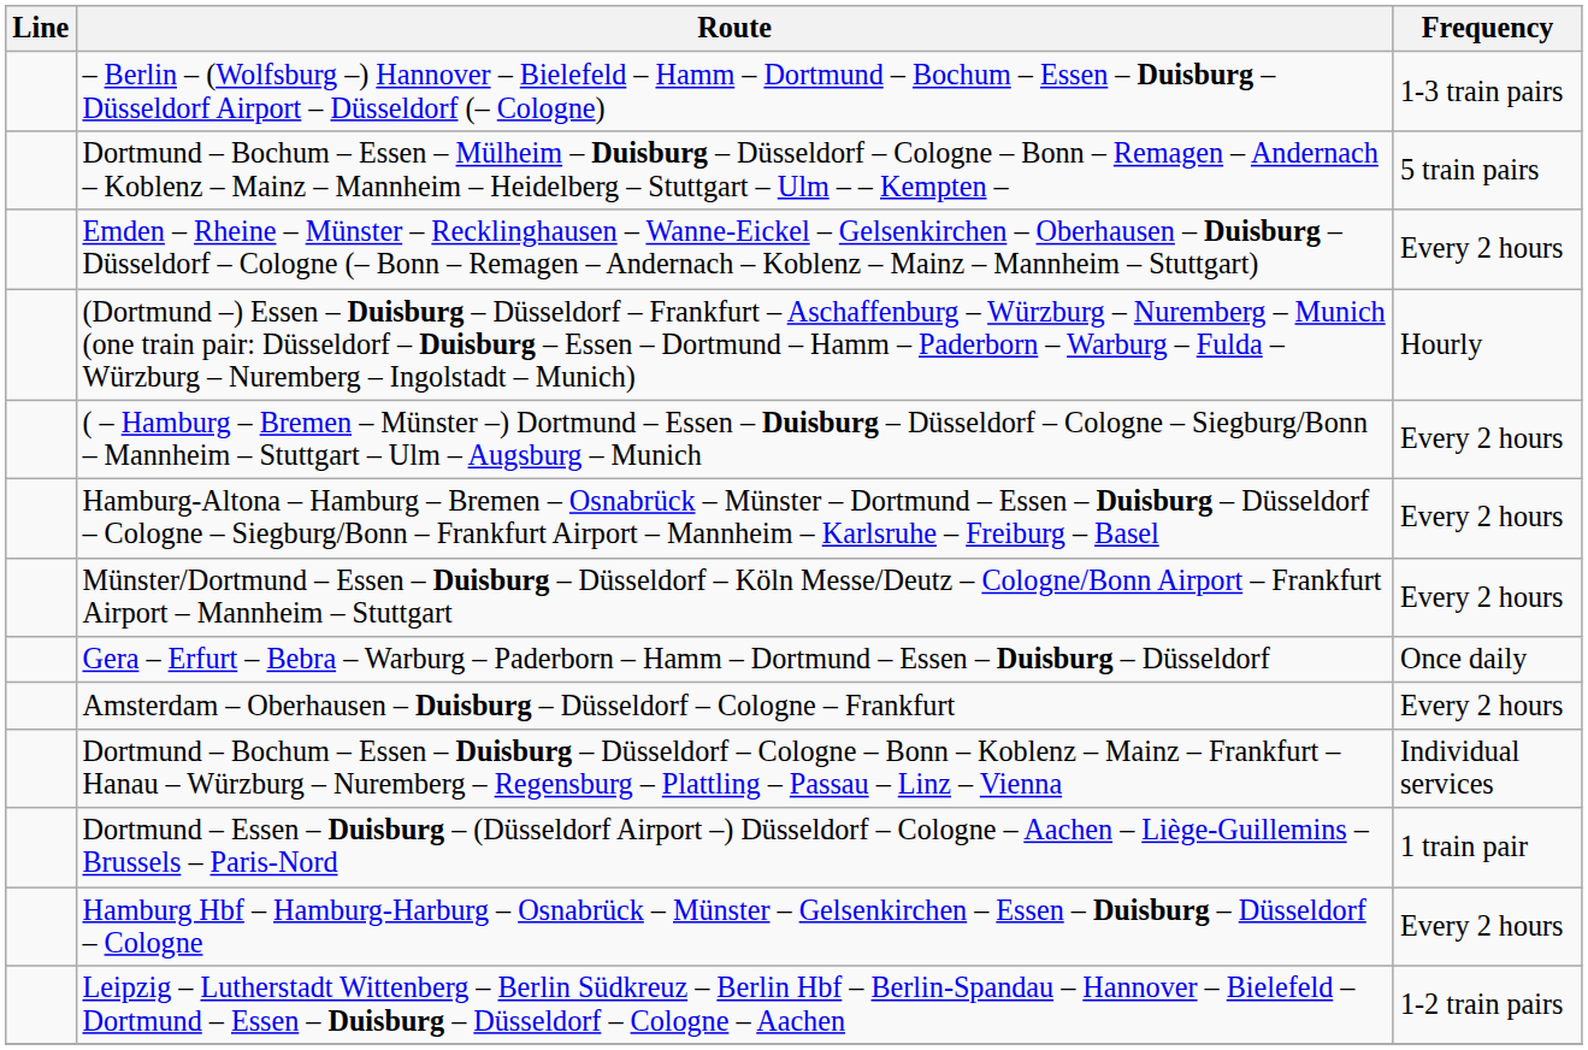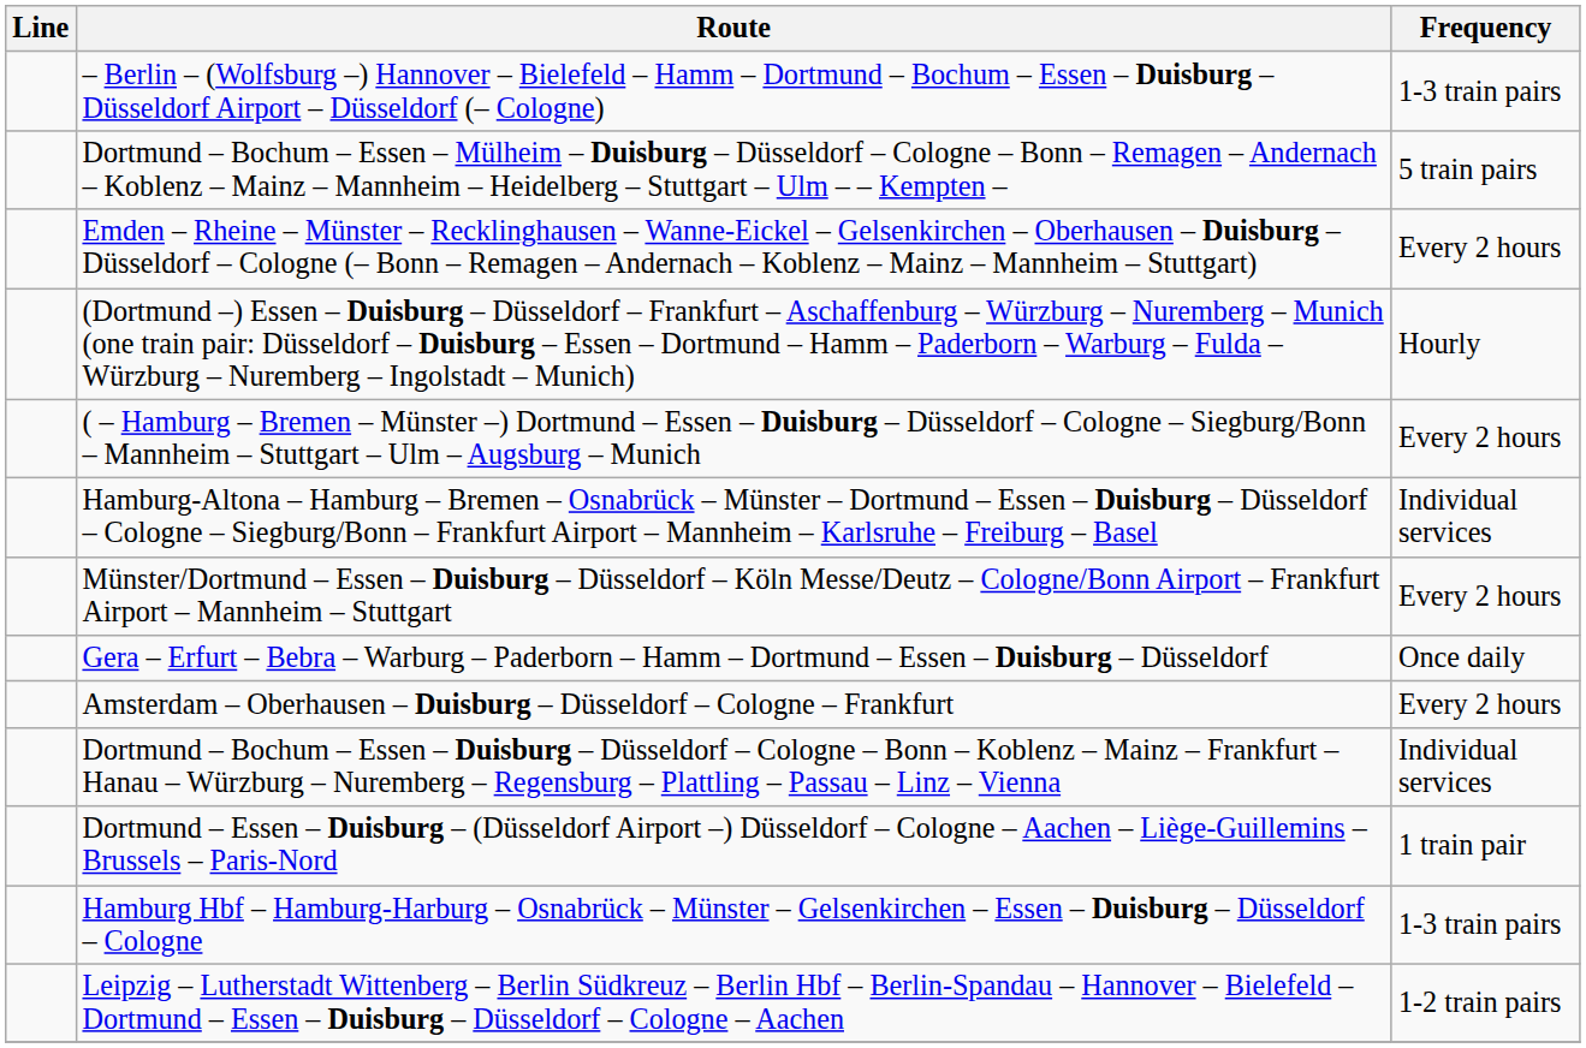 <table class="wikitable zebra">
 <tr class="hintergrundfarbe5">
 <th>Line</th>
 <th>Route</th>
 <th>Frequency</th>
 </tr>
 <tr>
 <td></td>
 <td> – <a href='#'>Berlin</a> – (<a href='#'>Wolfsburg</a> –) <a href='#'>Hannover</a> – <a href='#'>Bielefeld</a> – <a href='#'>Hamm</a> – <a href='#'>Dortmund</a> – <a href='#'>Bochum</a> – <a href='#'>Essen</a> – <strong>Duisburg</strong> – <a href='#'>Düsseldorf Airport</a> – <a href='#'>Düsseldorf</a> (– <a href='#'>Cologne</a>)</td>
 <td>1-3 train pairs</td>
 </tr>
 <tr>
 <td></td>
 <td>Dortmund – Bochum – Essen – <a href='#'>Mülheim</a> – <strong>Duisburg</strong> – Düsseldorf – Cologne – Bonn – <a href='#'>Remagen</a> – <a href='#'>Andernach</a> – Koblenz – Mainz – Mannheim – Heidelberg – Stuttgart –  <a href='#'>Ulm</a> –  – <a href='#'>Kempten</a> – </td>
 <td>5 train pairs</td>
 </tr>
 <tr>
 <td></td>
 <td> <a href='#'>Emden</a> – <a href='#'>Rheine</a> – <a href='#'>Münster</a> – <a href='#'>Recklinghausen</a> – <a href='#'>Wanne-Eickel</a> – <a href='#'>Gelsenkirchen</a> – <a href='#'>Oberhausen</a> – <strong>Duisburg</strong> –  Düsseldorf – Cologne (– Bonn – Remagen – Andernach – Koblenz – Mainz – Mannheim – Stuttgart)</td>
 <td>Every 2 hours</td>
 </tr>
 <tr>
 <td></td>
 <td>(Dortmund –) Essen – <strong>Duisburg</strong> – Düsseldorf –   Frankfurt – <a href='#'>Aschaffenburg</a> – <a href='#'>Würzburg</a> – <a href='#'>Nuremberg</a> – <a href='#'>Munich</a><br> (one train pair: Düsseldorf – <strong>Duisburg</strong> – Essen – Dortmund – Hamm – <a href='#'>Paderborn</a> – <a href='#'>Warburg</a> –  <a href='#'>Fulda</a> – Würzburg – Nuremberg – Ingolstadt – Munich)</td>
 <td>Hourly</td>
 </tr>
 <tr>
 <td></td>
 <td>( – <a href='#'>Hamburg</a> – <a href='#'>Bremen</a> – Münster –) Dortmund – Essen – <strong>Duisburg</strong> – Düsseldorf – Cologne – Siegburg/Bonn –  Mannheim – Stuttgart – Ulm – <a href='#'>Augsburg</a> – Munich</td>
 <td>Every 2 hours</td>
 </tr>
 <tr>
 <td></td>
 <td>Hamburg-Altona – Hamburg – Bremen – <a href='#'>Osnabrück</a> – Münster – Dortmund – Essen – <strong>Duisburg</strong> – Düsseldorf – Cologne – Siegburg/Bonn – Frankfurt Airport – Mannheim – <a href='#'>Karlsruhe</a> – <a href='#'>Freiburg</a> – <a href='#'>Basel</a></td>
-<td>Every 2 hours</td>
+<td>Individual services</td>
 </tr>
 <tr>
 <td></td>
 <td>Münster/Dortmund – Essen – <strong>Duisburg</strong> – Düsseldorf – Köln Messe/Deutz – <a href='#'>Cologne/Bonn Airport</a> – Frankfurt Airport – Mannheim – Stuttgart</td>
 <td>Every 2 hours</td>
 </tr>
 <tr>
 <td></td>
 <td><a href='#'>Gera</a> – <a href='#'>Erfurt</a> – <a href='#'>Bebra</a> –  Warburg – Paderborn – Hamm – Dortmund – Essen – <strong>Duisburg</strong> – Düsseldorf</td>
 <td>Once daily</td>
 </tr>
 <tr>
 <td></td>
 <td>Amsterdam – Oberhausen – <strong>Duisburg</strong> – Düsseldorf – Cologne –  Frankfurt</td>
 <td>Every 2 hours</td>
 </tr>
 <tr>
 <td></td>
 <td>Dortmund – Bochum – Essen – <strong>Duisburg</strong> – Düsseldorf – Cologne – Bonn – Koblenz – Mainz –  Frankfurt – Hanau – Würzburg – Nuremberg – <a href='#'>Regensburg</a> – <a href='#'>Plattling</a> – <a href='#'>Passau</a> – <a href='#'>Linz</a> – <a href='#'>Vienna</a></td>
 <td>Individual services</td>
 </tr>
 <tr>
 <td></td>
 <td>Dortmund – Essen – <strong>Duisburg</strong> – (Düsseldorf Airport –) Düsseldorf – Cologne – <a href='#'>Aachen</a> – <a href='#'>Liège-Guillemins</a> – <a href='#'>Brussels</a> – <a href='#'>Paris-Nord</a></td>
 <td>1 train pair</td>
 </tr>
 <tr>
 <td></td>
 <td><a href='#'>Hamburg Hbf</a> – <a href='#'>Hamburg-Harburg</a> – <a href='#'>Osnabrück</a> – <a href='#'>Münster</a> – <a href='#'>Gelsenkirchen</a> – <a href='#'>Essen</a> – <strong>Duisburg</strong> – <a href='#'>Düsseldorf</a> – <a href='#'>Cologne</a></td>
-<td>Every 2 hours</td>
+<td>1-3 train pairs</td>
 </tr>
 <tr>
 <td></td>
 <td><a href='#'>Leipzig</a> – <a href='#'>Lutherstadt Wittenberg</a> –  <a href='#'>Berlin Südkreuz</a> – <a href='#'>Berlin Hbf</a> – <a href='#'>Berlin-Spandau</a> – <a href='#'>Hannover</a> – <a href='#'>Bielefeld</a> – <a href='#'>Dortmund</a> – <a href='#'>Essen</a> – <strong>Duisburg</strong> – <a href='#'>Düsseldorf</a> – <a href='#'>Cologne</a> – <a href='#'>Aachen</a></td>
 <td>1-2 train pairs</td>
 </tr>
 <tr>
 </tr>
 </table>
